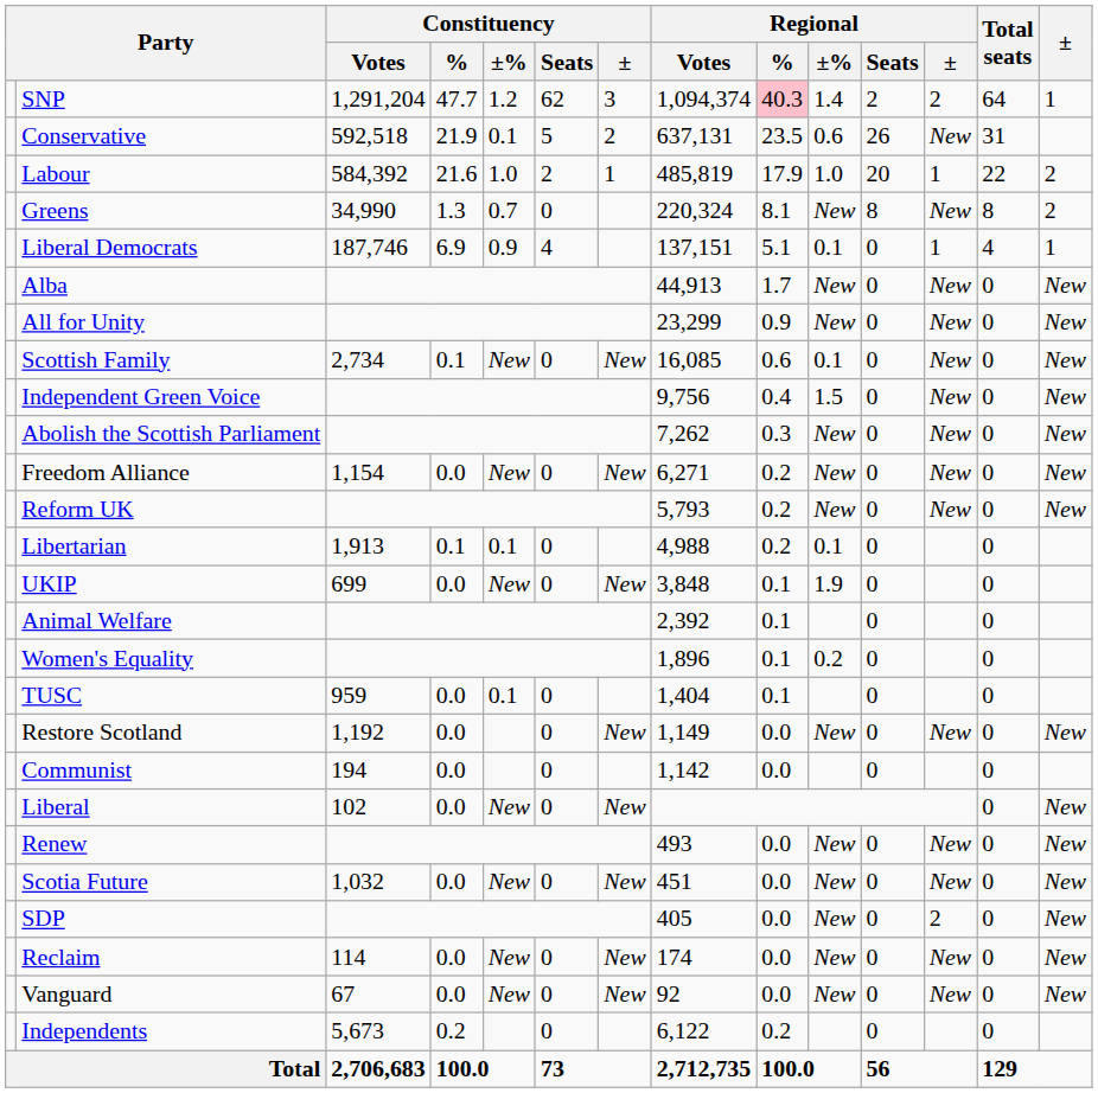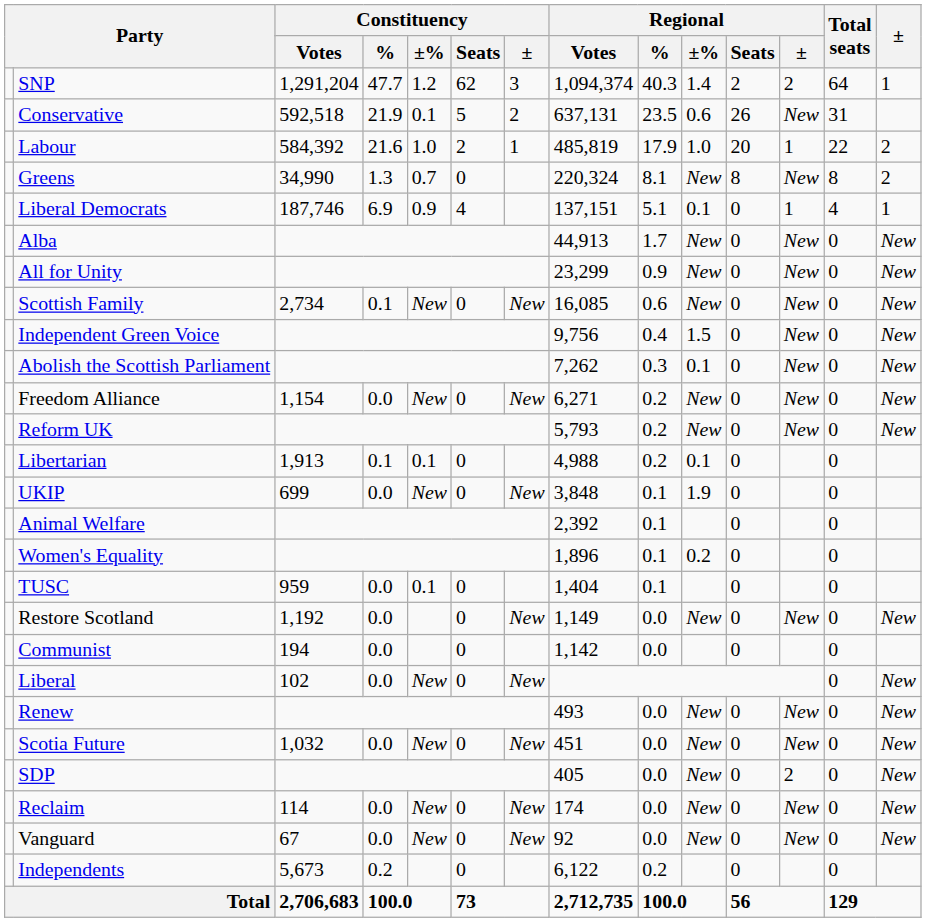 <table class="wikitable sortable">
 <tr>
 <th colspan="2" rowspan="2">Party</th>
 <th colspan="5">Constituency</th>
 <th colspan="5">Regional</th>
 <th rowspan="2">Total<br>seats</th>
 <th rowspan="2">±</th>
 </tr>
 <tr>
 <th>Votes</th>
 <th>%</th>
 <th>±%</th>
 <th>Seats</th>
 <th>±</th>
 <th>Votes</th>
 <th>%</th>
 <th>±%</th>
 <th>Seats</th>
 <th>±</th>
 </tr>
 <tr>
 <td style="color:inherit;background:"></td>
 <td><a href='#'>SNP</a></td>
 <td>1,291,204</td>
 <td>47.7</td>
 <td>1.2</td>
 <td>62</td>
 <td>3</td>
 <td>1,094,374</td>
-<td style="background: pink;">40.3</td>
+<td>40.3</td>
 <td>1.4</td>
 <td>2</td>
 <td>2</td>
 <td>64</td>
 <td>1</td>
 </tr>
 <tr>
 <td style="color:inherit;background:"></td>
 <td><a href='#'>Conservative</a></td>
 <td>592,518</td>
 <td>21.9</td>
 <td>0.1</td>
 <td>5</td>
 <td>2</td>
 <td>637,131</td>
 <td>23.5</td>
 <td>0.6</td>
 <td>26</td>
 <td><em>New</em></td>
 <td>31</td>
 <td></td>
 </tr>
 <tr>
 <td style="color:inherit;background:"></td>
 <td><a href='#'>Labour</a></td>
 <td>584,392</td>
 <td>21.6</td>
 <td>1.0</td>
 <td>2</td>
 <td>1</td>
 <td>485,819</td>
 <td>17.9</td>
 <td>1.0</td>
 <td>20</td>
 <td>1</td>
 <td>22</td>
 <td>2</td>
 </tr>
 <tr>
 <td style="color:inherit;background:"></td>
 <td><a href='#'>Greens</a></td>
 <td>34,990</td>
 <td>1.3</td>
 <td>0.7</td>
 <td>0</td>
 <td></td>
 <td>220,324</td>
 <td>8.1</td>
 <td><em>New</em></td>
 <td>8</td>
 <td><em>New</em></td>
 <td>8</td>
 <td>2</td>
 </tr>
 <tr>
 <td style="color:inherit;background:"></td>
 <td><a href='#'>Liberal Democrats</a></td>
 <td>187,746</td>
 <td>6.9</td>
 <td>0.9</td>
 <td>4</td>
 <td></td>
 <td>137,151</td>
 <td>5.1</td>
 <td>0.1</td>
 <td>0</td>
 <td>1</td>
 <td>4</td>
 <td>1</td>
 </tr>
 <tr>
 <td style="color:inherit;background:"></td>
 <td><a href='#'>Alba</a></td>
 <td colspan="5"></td>
 <td>44,913</td>
 <td>1.7</td>
 <td><em>New</em></td>
 <td>0</td>
 <td><em>New</em></td>
 <td>0</td>
 <td><em>New</em></td>
 </tr>
 <tr>
 <td style="color:inherit;background:"></td>
 <td><a href='#'>All for Unity</a></td>
 <td colspan="5"></td>
 <td>23,299</td>
 <td>0.9</td>
 <td><em>New</em></td>
 <td>0</td>
 <td><em>New</em></td>
 <td>0</td>
 <td><em>New</em></td>
 </tr>
 <tr>
 <td style="color:inherit;background:"></td>
 <td><a href='#'>Scottish Family</a></td>
 <td>2,734</td>
 <td>0.1</td>
 <td><em>New</em></td>
 <td>0</td>
 <td><em>New</em></td>
 <td>16,085</td>
 <td>0.6</td>
-<td>0.1</td>
+<td><em>New</em></td>
 <td>0</td>
 <td><em>New</em></td>
 <td>0</td>
 <td><em>New</em></td>
 </tr>
 <tr>
 <td style="color:inherit;background:"></td>
 <td><a href='#'>Independent Green Voice</a></td>
 <td colspan="5"></td>
 <td>9,756</td>
 <td>0.4</td>
 <td>1.5</td>
 <td>0</td>
 <td><em>New</em></td>
 <td>0</td>
 <td><em>New</em></td>
 </tr>
 <tr>
 <td style="color:inherit;background:"></td>
 <td><a href='#'>Abolish the Scottish Parliament</a></td>
 <td colspan="5"></td>
 <td>7,262</td>
 <td>0.3</td>
-<td><em>New</em></td>
+<td>0.1</td>
 <td>0</td>
 <td><em>New</em></td>
 <td>0</td>
 <td><em>New</em></td>
 </tr>
 <tr>
 <td style="color:inherit;background:"></td>
 <td>Freedom Alliance</td>
 <td>1,154</td>
 <td>0.0</td>
 <td><em>New</em></td>
 <td>0</td>
 <td><em>New</em></td>
 <td>6,271</td>
 <td>0.2</td>
 <td><em>New</em></td>
 <td>0</td>
 <td><em>New</em></td>
 <td>0</td>
 <td><em>New</em></td>
 </tr>
 <tr>
 <td style="color:inherit;background:"></td>
 <td><a href='#'>Reform UK</a></td>
 <td colspan="5"></td>
 <td>5,793</td>
 <td>0.2</td>
 <td><em>New</em></td>
 <td>0</td>
 <td><em>New</em></td>
 <td>0</td>
 <td><em>New</em></td>
 </tr>
 <tr>
 <td style="color:inherit;background:"></td>
 <td><a href='#'>Libertarian</a></td>
 <td>1,913</td>
 <td>0.1</td>
 <td>0.1</td>
 <td>0</td>
 <td></td>
 <td>4,988</td>
 <td>0.2</td>
 <td>0.1</td>
 <td>0</td>
 <td></td>
 <td>0</td>
 <td></td>
 </tr>
 <tr>
 <td style="color:inherit;background:"></td>
 <td><a href='#'>UKIP</a></td>
 <td>699</td>
 <td>0.0</td>
 <td><em>New</em></td>
 <td>0</td>
 <td><em>New</em></td>
 <td>3,848</td>
 <td>0.1</td>
 <td>1.9</td>
 <td>0</td>
 <td></td>
 <td>0</td>
 <td></td>
 </tr>
 <tr>
 <td style="color:inherit;background:"></td>
 <td><a href='#'>Animal Welfare</a></td>
 <td colspan="5"></td>
 <td>2,392</td>
 <td>0.1</td>
 <td></td>
 <td>0</td>
 <td></td>
 <td>0</td>
 <td></td>
 </tr>
 <tr>
 <td style="color:inherit;background:"></td>
 <td><a href='#'>Women's Equality</a></td>
 <td colspan="5"></td>
 <td>1,896</td>
 <td>0.1</td>
 <td>0.2</td>
 <td>0</td>
 <td></td>
 <td>0</td>
 <td></td>
 </tr>
 <tr>
 <td style="color:inherit;background:"></td>
 <td><a href='#'>TUSC</a></td>
 <td>959</td>
 <td>0.0</td>
 <td>0.1</td>
 <td>0</td>
 <td></td>
 <td>1,404</td>
 <td>0.1</td>
 <td></td>
 <td>0</td>
 <td></td>
 <td>0</td>
 <td></td>
 </tr>
 <tr>
 <td style="color:inherit;background:"></td>
 <td>Restore Scotland</td>
 <td>1,192</td>
 <td>0.0</td>
 <td></td>
 <td>0</td>
 <td><em>New</em></td>
 <td>1,149</td>
 <td>0.0</td>
 <td><em>New</em></td>
 <td>0</td>
 <td><em>New</em></td>
 <td>0</td>
 <td><em>New</em></td>
 </tr>
 <tr>
 <td style="color:inherit;background:"></td>
 <td><a href='#'>Communist</a></td>
 <td>194</td>
 <td>0.0</td>
 <td></td>
 <td>0</td>
 <td></td>
 <td>1,142</td>
 <td>0.0</td>
 <td></td>
 <td>0</td>
 <td></td>
 <td>0</td>
 <td></td>
 </tr>
 <tr>
 <td style="color:inherit;background:"></td>
 <td><a href='#'>Liberal</a></td>
 <td>102</td>
 <td>0.0</td>
 <td><em>New</em></td>
 <td>0</td>
 <td><em>New</em></td>
 <td colspan="5"></td>
 <td>0</td>
 <td><em>New</em></td>
 </tr>
 <tr>
 <td style="color:inherit;background:"></td>
 <td><a href='#'>Renew</a></td>
 <td colspan="5"></td>
 <td>493</td>
 <td>0.0</td>
 <td><em>New</em></td>
 <td>0</td>
 <td><em>New</em></td>
 <td>0</td>
 <td><em>New</em></td>
 </tr>
 <tr>
 <td style="color:inherit;background:"></td>
 <td><a href='#'>Scotia Future</a></td>
 <td>1,032</td>
 <td>0.0</td>
 <td><em>New</em></td>
 <td>0</td>
 <td><em>New</em></td>
 <td>451</td>
 <td>0.0</td>
 <td><em>New</em></td>
 <td>0</td>
 <td><em>New</em></td>
 <td>0</td>
 <td><em>New</em></td>
 </tr>
 <tr>
 <td style="color:inherit;background:"></td>
 <td><a href='#'>SDP</a></td>
 <td colspan="5"></td>
 <td>405</td>
 <td>0.0</td>
 <td><em>New</em></td>
 <td>0</td>
 <td>2</td>
 <td>0</td>
 <td><em>New</em></td>
 </tr>
 <tr>
 <td style="color:inherit;background:"></td>
 <td><a href='#'>Reclaim</a></td>
 <td>114</td>
 <td>0.0</td>
 <td><em>New</em></td>
 <td>0</td>
 <td><em>New</em></td>
 <td>174</td>
 <td>0.0</td>
 <td><em>New</em></td>
 <td>0</td>
 <td><em>New</em></td>
 <td>0</td>
 <td><em>New</em></td>
 </tr>
 <tr>
 <td style="color:inherit;background:"></td>
 <td>Vanguard</td>
 <td>67</td>
 <td>0.0</td>
 <td><em>New</em></td>
 <td>0</td>
 <td><em>New</em></td>
 <td>92</td>
 <td>0.0</td>
 <td><em>New</em></td>
 <td>0</td>
 <td><em>New</em></td>
 <td>0</td>
 <td><em>New</em></td>
 </tr>
 <tr>
 <td style="color:inherit;background:"></td>
 <td><a href='#'>Independents</a></td>
 <td>5,673</td>
 <td>0.2</td>
 <td></td>
 <td>0</td>
 <td></td>
 <td>6,122</td>
 <td>0.2</td>
 <td></td>
 <td>0</td>
 <td></td>
 <td>0</td>
 <td></td>
 </tr>
 <tr class="sortbottom" style="font-weight:bold">
 <th colspan="2" style="text-align:right;">Total</th>
 <td>2,706,683</td>
 <td colspan="2">100.0</td>
 <td colspan="2">73</td>
 <td>2,712,735</td>
 <td colspan="2">100.0</td>
 <td colspan="2">56</td>
 <td colspan="2">129</td>
 </tr>
 </table>
